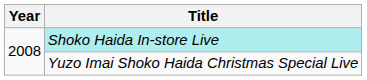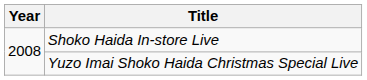 <table class="wikitable">
 <tr>
 <th>Year</th>
 <th>Title</th>
 </tr>
 <tr>
 <td rowspan="2">2008</td>
-<td style="background: paleturquoise;"><em>Shoko Haida In-store Live</em></td>
+<td><em>Shoko Haida In-store Live</em></td>
 </tr>
 <tr>
 <td><em>Yuzo Imai Shoko Haida Christmas Special Live</em></td>
 </tr>
 </table>
